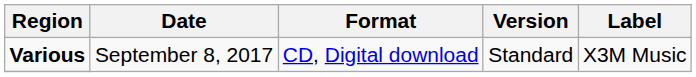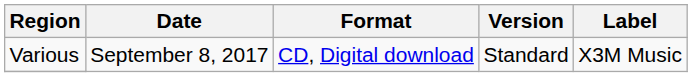 <table class="wikitable sortable">
 <tr>
 <th>Region</th>
 <th>Date</th>
 <th>Format</th>
 <th>Version</th>
 <th>Label</th>
 </tr>
 <tr>
-<td><strong>Various</strong></td>
+<td>Various</td>
 <td rowspan="2">September 8, 2017</td>
 <td rowspan="2"><a href='#'>CD</a>, <a href='#'>Digital download</a></td>
 <td rowspan="2">Standard</td>
 <td rowspan ="2">X3M Music</td>
 </tr>
 <tr>
 </tr>
 </table>
